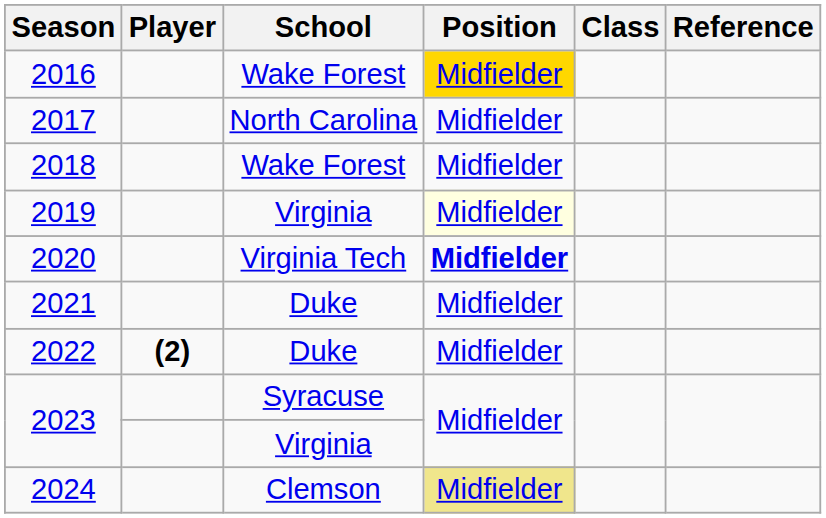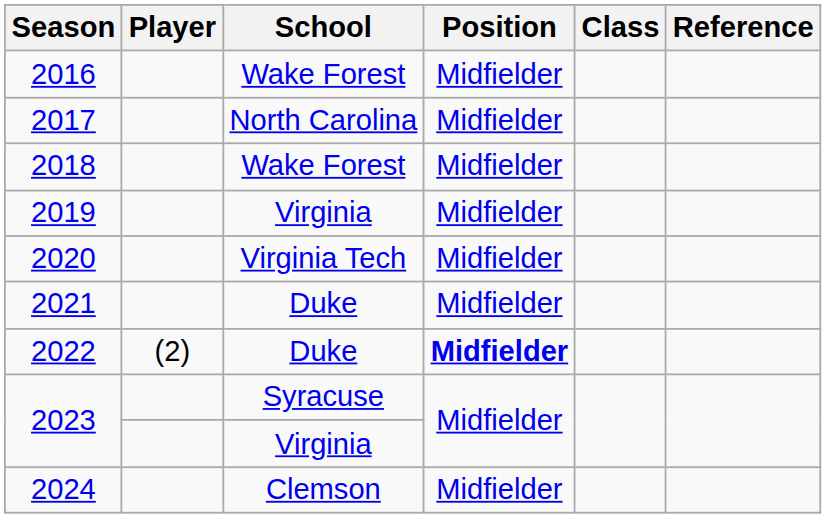 <table class="wikitable sortable">
 <tr>
 <th>Season</th>
 <th>Player</th>
 <th>School</th>
 <th>Position</th>
 <th>Class</th>
 <th class="unsortable">Reference</th>
 </tr>
 <tr>
 <td align="center"><a href='#'>2016</a></td>
 <td align="center"></td>
 <td align="center"><a href='#'>Wake Forest</a></td>
-<td align="center" style="background: gold;"><a href='#'>Midfielder</a></td>
+<td align="center"><a href='#'>Midfielder</a></td>
 <td align="center"></td>
 <td align="center"></td>
 </tr>
 <tr>
 <td align="center"><a href='#'>2017</a></td>
 <td align="center"></td>
 <td align="center"><a href='#'>North Carolina</a></td>
 <td align="center"><a href='#'>Midfielder</a></td>
 <td align="center"></td>
 <td align="center"></td>
 </tr>
 <tr>
 <td align="center"><a href='#'>2018</a></td>
 <td align="center"></td>
 <td align="center"><a href='#'>Wake Forest</a></td>
 <td align="center"><a href='#'>Midfielder</a></td>
 <td align="center"></td>
 <td align="center"></td>
 </tr>
 <tr>
 <td align="center"><a href='#'>2019</a></td>
 <td align="center"></td>
 <td align="center"><a href='#'>Virginia</a></td>
-<td align="center" style="background: lightyellow;"><a href='#'>Midfielder</a></td>
+<td align="center"><a href='#'>Midfielder</a></td>
 <td align="center"></td>
 <td align="center"></td>
 </tr>
 <tr>
 <td align="center"><a href='#'>2020</a></td>
 <td align="center"></td>
 <td align="center"><a href='#'>Virginia Tech</a></td>
-<td align="center"><strong><a href='#'>Midfielder</a></strong></td>
+<td align="center"><a href='#'>Midfielder</a></td>
 <td align="center"></td>
 <td align="center"></td>
 </tr>
 <tr>
 <td align="center"><a href='#'>2021</a></td>
 <td align="center"></td>
 <td align="center"><a href='#'>Duke</a></td>
 <td align="center"><a href='#'>Midfielder</a></td>
 <td align="center"></td>
 <td align="center"></td>
 </tr>
 <tr>
 <td align="center"><a href='#'>2022</a></td>
-<td align="center"><strong> (2)</strong></td>
+<td align="center"> (2)</td>
 <td align="center"><a href='#'>Duke</a></td>
-<td align="center"><a href='#'>Midfielder</a></td>
+<td align="center"><strong><a href='#'>Midfielder</a></strong></td>
 <td align="center"></td>
 <td align="center"></td>
 </tr>
 <tr>
 <td align="center" rowspan=2><a href='#'>2023</a></td>
 <td align="center"></td>
 <td align="center"><a href='#'>Syracuse</a></td>
 <td align="center" rowspan=2><a href='#'>Midfielder</a></td>
 <td align="center" rowspan=2></td>
 <td align="center" rowspan=2></td>
 </tr>
 <tr>
 <td align="center"></td>
 <td align="center"><a href='#'>Virginia</a></td>
 </tr>
 <tr>
 <td align="center"><a href='#'>2024</a></td>
 <td align="center"></td>
 <td align="center"><a href='#'>Clemson</a></td>
-<td align="center" style="background: khaki;"><a href='#'>Midfielder</a></td>
+<td align="center"><a href='#'>Midfielder</a></td>
 <td align="center"></td>
 <td align="center"></td>
 </tr>
 </table>
